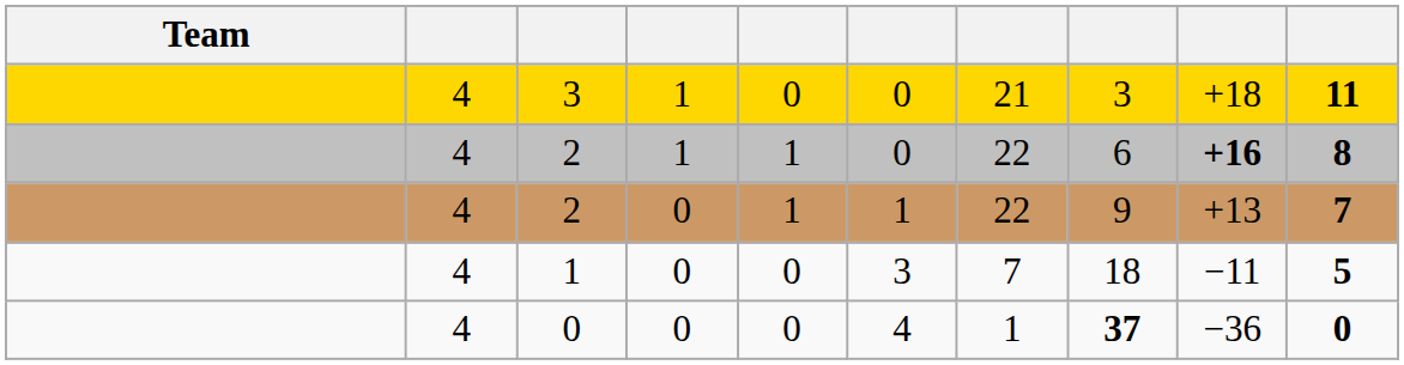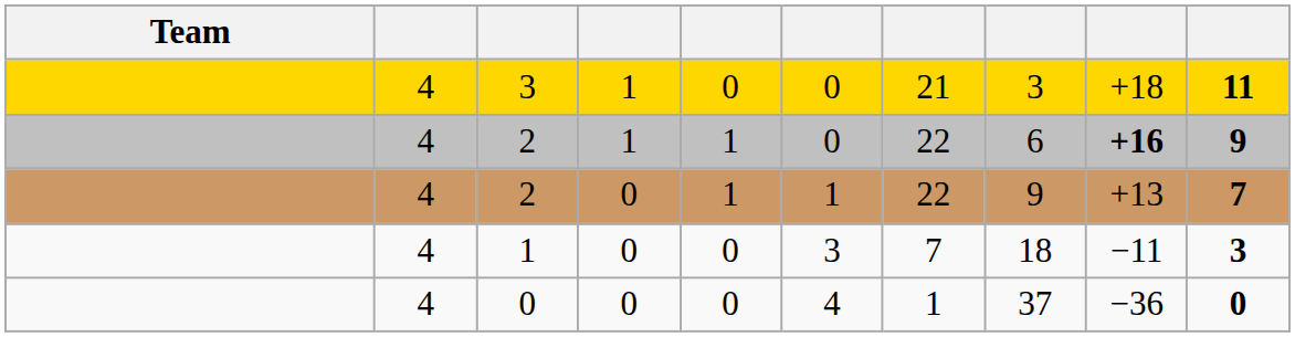 <table class="wikitable" style="text-align:center;">
 <tr>
 <th width=165>Team</th>
 <th width=40></th>
 <th width=40></th>
 <th width=40></th>
 <th width=40></th>
 <th width=40></th>
 <th width=40></th>
 <th width=40></th>
 <th width=40></th>
 <th width=40></th>
 </tr>
 <tr bgcolor="#ffd700">
 <td style="text-align:left;"></td>
 <td>4</td>
 <td>3</td>
 <td>1</td>
 <td>0</td>
 <td>0</td>
 <td>21</td>
 <td>3</td>
 <td>+18</td>
 <td><strong>11</strong></td>
 </tr>
 <tr bgcolor="#c0c0c0">
 <td style="text-align:left;"></td>
 <td>4</td>
 <td>2</td>
 <td>1</td>
 <td>1</td>
 <td>0</td>
 <td>22</td>
 <td>6</td>
 <td><strong>+16</strong></td>
-<td><strong>8</strong></td>
+<td><strong>9</strong></td>
 </tr>
 <tr bgcolor="#cc9966">
 <td style="text-align:left;"></td>
 <td>4</td>
 <td>2</td>
 <td>0</td>
 <td>1</td>
 <td>1</td>
 <td>22</td>
 <td>9</td>
 <td>+13</td>
 <td><strong>7</strong></td>
 </tr>
 <tr style="background:">
 <td style="text-align:left;"></td>
 <td>4</td>
 <td>1</td>
 <td>0</td>
 <td>0</td>
 <td>3</td>
 <td>7</td>
 <td>18</td>
 <td>−11</td>
-<td><strong>5</strong></td>
+<td><strong>3</strong></td>
 </tr>
 <tr style="background:">
 <td style="text-align:left;"></td>
 <td>4</td>
 <td>0</td>
 <td>0</td>
 <td>0</td>
 <td>4</td>
 <td>1</td>
-<td><strong>37</strong></td>
+<td>37</td>
 <td>−36</td>
 <td><strong>0</strong></td>
 </tr>
 </table>
